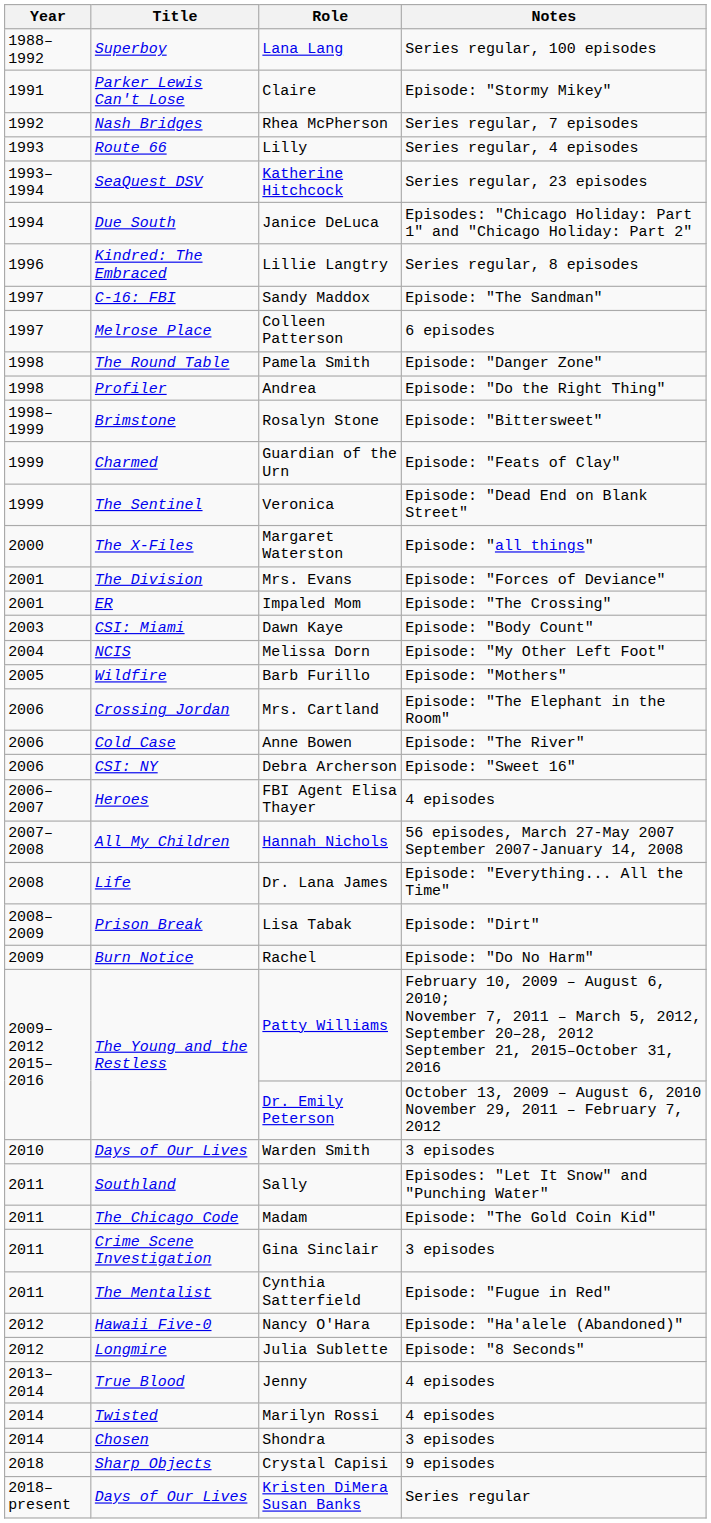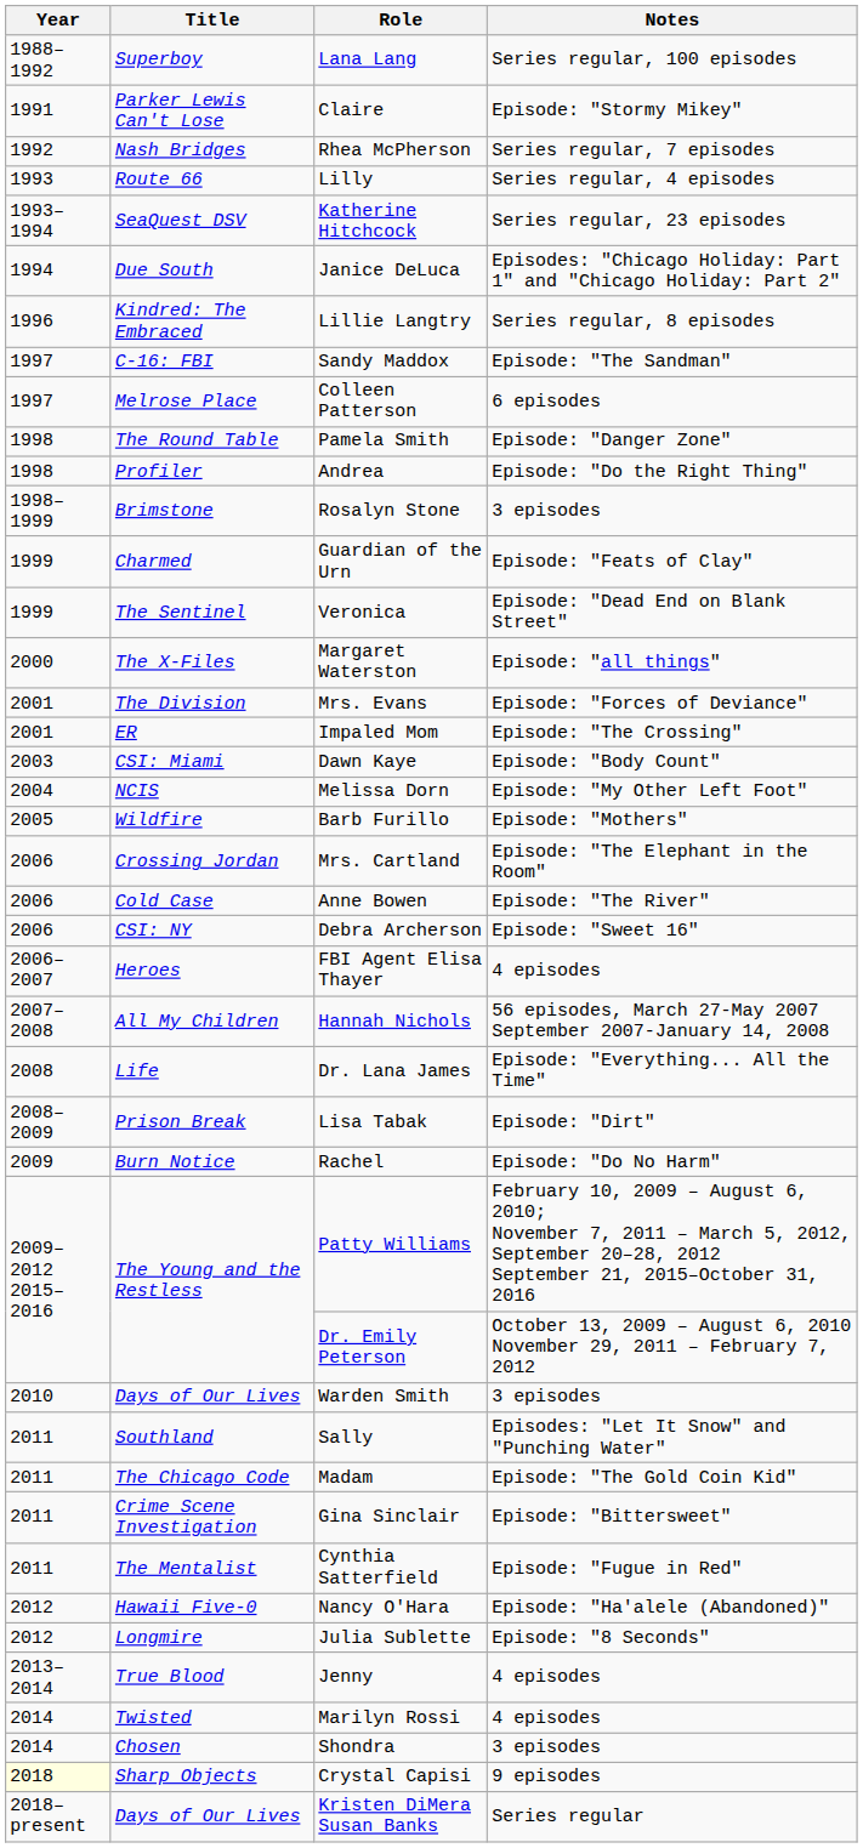 <table class="wikitable sortable">
 <tr>
 <th>Year</th>
 <th>Title</th>
 <th>Role</th>
 <th class="unsortable">Notes</th>
 </tr>
 <tr>
 <td>1988–1992</td>
 <td><em><a href='#'>Superboy</a></em></td>
 <td><a href='#'>Lana Lang</a></td>
 <td>Series regular, 100 episodes</td>
 </tr>
 <tr>
 <td>1991</td>
 <td><em><a href='#'>Parker Lewis Can't Lose</a></em></td>
 <td>Claire</td>
 <td>Episode: "Stormy Mikey"</td>
 </tr>
 <tr>
 <td>1992</td>
 <td><em><a href='#'>Nash Bridges</a></em></td>
 <td>Rhea McPherson</td>
 <td>Series regular, 7 episodes</td>
 </tr>
 <tr>
 <td>1993</td>
 <td><em><a href='#'>Route 66</a></em></td>
 <td>Lilly</td>
 <td>Series regular, 4 episodes</td>
 </tr>
 <tr>
 <td>1993–1994</td>
 <td><em><a href='#'>SeaQuest DSV</a></em></td>
 <td><a href='#'>Katherine Hitchcock</a></td>
 <td>Series regular, 23 episodes</td>
 </tr>
 <tr>
 <td>1994</td>
 <td><em><a href='#'>Due South</a></em></td>
 <td>Janice DeLuca</td>
 <td>Episodes: "Chicago Holiday: Part 1"  and "Chicago Holiday: Part 2"</td>
 </tr>
 <tr>
 <td>1996</td>
 <td><em><a href='#'>Kindred: The Embraced</a></em></td>
 <td>Lillie Langtry</td>
 <td>Series regular, 8 episodes</td>
 </tr>
 <tr>
 <td>1997</td>
 <td><em><a href='#'>C-16: FBI</a></em></td>
 <td>Sandy Maddox</td>
 <td>Episode: "The Sandman"</td>
 </tr>
 <tr>
 <td>1997</td>
 <td><em><a href='#'>Melrose Place</a></em></td>
 <td>Colleen Patterson</td>
 <td>6 episodes</td>
 </tr>
 <tr>
 <td>1998</td>
 <td><em><a href='#'>The Round Table</a></em></td>
 <td>Pamela Smith</td>
 <td>Episode: "Danger Zone"</td>
 </tr>
 <tr>
 <td>1998</td>
 <td><em><a href='#'>Profiler</a></em></td>
 <td>Andrea</td>
 <td>Episode: "Do the Right Thing"</td>
 </tr>
 <tr>
 <td>1998–1999</td>
 <td><em><a href='#'>Brimstone</a></em></td>
 <td>Rosalyn Stone</td>
-<td>Episode: "Bittersweet"</td>
+<td>3 episodes</td>
 </tr>
 <tr>
 <td>1999</td>
 <td><em><a href='#'>Charmed</a></em></td>
 <td>Guardian of the Urn</td>
 <td>Episode: "Feats of Clay"</td>
 </tr>
 <tr>
 <td>1999</td>
 <td><em><a href='#'>The Sentinel</a></em></td>
 <td>Veronica</td>
 <td>Episode: "Dead End on Blank Street"</td>
 </tr>
 <tr>
 <td>2000</td>
 <td><em><a href='#'>The X-Files</a></em></td>
 <td>Margaret Waterston</td>
 <td>Episode: "<a href='#'>all things</a>"</td>
 </tr>
 <tr>
 <td>2001</td>
 <td><em><a href='#'>The Division</a></em></td>
 <td>Mrs. Evans</td>
 <td>Episode: "Forces of Deviance"</td>
 </tr>
 <tr>
 <td>2001</td>
 <td><em><a href='#'>ER</a></em></td>
 <td>Impaled Mom</td>
 <td>Episode: "The Crossing"</td>
 </tr>
 <tr>
 <td>2003</td>
 <td><em><a href='#'>CSI: Miami</a></em></td>
 <td>Dawn Kaye</td>
 <td>Episode: "Body Count"</td>
 </tr>
 <tr>
 <td>2004</td>
 <td><em><a href='#'>NCIS</a></em></td>
 <td>Melissa Dorn</td>
 <td>Episode: "My Other Left Foot"</td>
 </tr>
 <tr>
 <td>2005</td>
 <td><em><a href='#'>Wildfire</a></em></td>
 <td>Barb Furillo</td>
 <td>Episode: "Mothers"</td>
 </tr>
 <tr>
 <td>2006</td>
 <td><em><a href='#'>Crossing Jordan</a></em></td>
 <td>Mrs. Cartland</td>
 <td>Episode: "The Elephant in the Room"</td>
 </tr>
 <tr>
 <td>2006</td>
 <td><em><a href='#'>Cold Case</a></em></td>
 <td>Anne Bowen</td>
 <td>Episode: "The River"</td>
 </tr>
 <tr>
 <td>2006</td>
 <td><em><a href='#'>CSI: NY</a></em></td>
 <td>Debra Archerson</td>
 <td>Episode: "Sweet 16"</td>
 </tr>
 <tr>
 <td>2006–2007</td>
 <td><em><a href='#'>Heroes</a></em></td>
 <td>FBI Agent Elisa Thayer</td>
 <td>4 episodes</td>
 </tr>
 <tr>
 <td>2007–2008</td>
 <td><em><a href='#'>All My Children</a></em></td>
 <td><a href='#'>Hannah Nichols</a></td>
 <td>56 episodes, March 27-May 2007<br> September 2007-January 14, 2008</td>
 </tr>
 <tr>
 <td>2008</td>
 <td><em><a href='#'>Life</a></em></td>
 <td>Dr. Lana James</td>
 <td>Episode: "Everything... All the Time"</td>
 </tr>
 <tr>
 <td>2008–2009</td>
 <td><em><a href='#'>Prison Break</a></em></td>
 <td>Lisa Tabak</td>
 <td>Episode: "Dirt"</td>
 </tr>
 <tr>
 <td>2009</td>
 <td><em><a href='#'>Burn Notice</a></em></td>
 <td>Rachel</td>
 <td>Episode: "Do No Harm"</td>
 </tr>
 <tr>
 <td rowspan=2>2009–2012 <br> 2015–2016</td>
 <td rowspan=2><em><a href='#'>The Young and the Restless</a></em></td>
 <td><a href='#'>Patty Williams</a></td>
 <td>February 10, 2009 – August 6, 2010;<br> November 7, 2011 – March 5, 2012,<br>September 20–28, 2012<br>September 21, 2015–October 31, 2016</td>
 </tr>
 <tr>
 <td><a href='#'>Dr. Emily Peterson</a></td>
 <td>October 13, 2009 – August 6, 2010<br>November 29, 2011 – February 7, 2012</td>
 </tr>
 <tr>
 <td>2010</td>
 <td><em><a href='#'>Days of Our Lives</a></em></td>
 <td>Warden Smith</td>
 <td>3 episodes</td>
 </tr>
 <tr>
 <td>2011</td>
 <td><em><a href='#'>Southland</a></em></td>
 <td>Sally</td>
 <td>Episodes: "Let It Snow" and "Punching Water"</td>
 </tr>
 <tr>
 <td>2011</td>
 <td><em><a href='#'>The Chicago Code</a></em></td>
 <td>Madam</td>
 <td>Episode: "The Gold Coin Kid"</td>
 </tr>
 <tr>
 <td>2011</td>
 <td><em><a href='#'>Crime Scene Investigation</a></em></td>
 <td>Gina Sinclair</td>
-<td>3 episodes</td>
+<td>Episode: "Bittersweet"</td>
 </tr>
 <tr>
 <td>2011</td>
 <td><em><a href='#'>The Mentalist</a></em></td>
 <td>Cynthia Satterfield</td>
 <td>Episode: "Fugue in Red"</td>
 </tr>
 <tr>
 <td>2012</td>
 <td><em><a href='#'>Hawaii Five-0</a></em></td>
 <td>Nancy O'Hara</td>
 <td>Episode: "Ha'alele (Abandoned)"</td>
 </tr>
 <tr>
 <td>2012</td>
 <td><em><a href='#'>Longmire</a></em></td>
 <td>Julia Sublette</td>
 <td>Episode: "8 Seconds"</td>
 </tr>
 <tr>
 <td>2013–2014</td>
 <td><em><a href='#'>True Blood</a></em></td>
 <td>Jenny</td>
 <td>4 episodes</td>
 </tr>
 <tr>
 <td>2014</td>
 <td><em><a href='#'>Twisted</a></em></td>
 <td>Marilyn Rossi</td>
 <td>4 episodes</td>
 </tr>
 <tr>
 <td>2014</td>
 <td><em><a href='#'>Chosen</a></em></td>
 <td>Shondra</td>
 <td>3 episodes</td>
 </tr>
 <tr>
-<td>2018</td>
+<td style="background: lightyellow;">2018</td>
 <td><em> <a href='#'>Sharp Objects</a> </em></td>
 <td>Crystal Capisi</td>
 <td>9 episodes</td>
 </tr>
 <tr>
 <td>2018–present</td>
 <td><em><a href='#'>Days of Our Lives</a></em></td>
 <td><a href='#'>Kristen DiMera</a><br><a href='#'>Susan Banks</a></td>
 <td>Series regular</td>
 </tr>
 </table>
